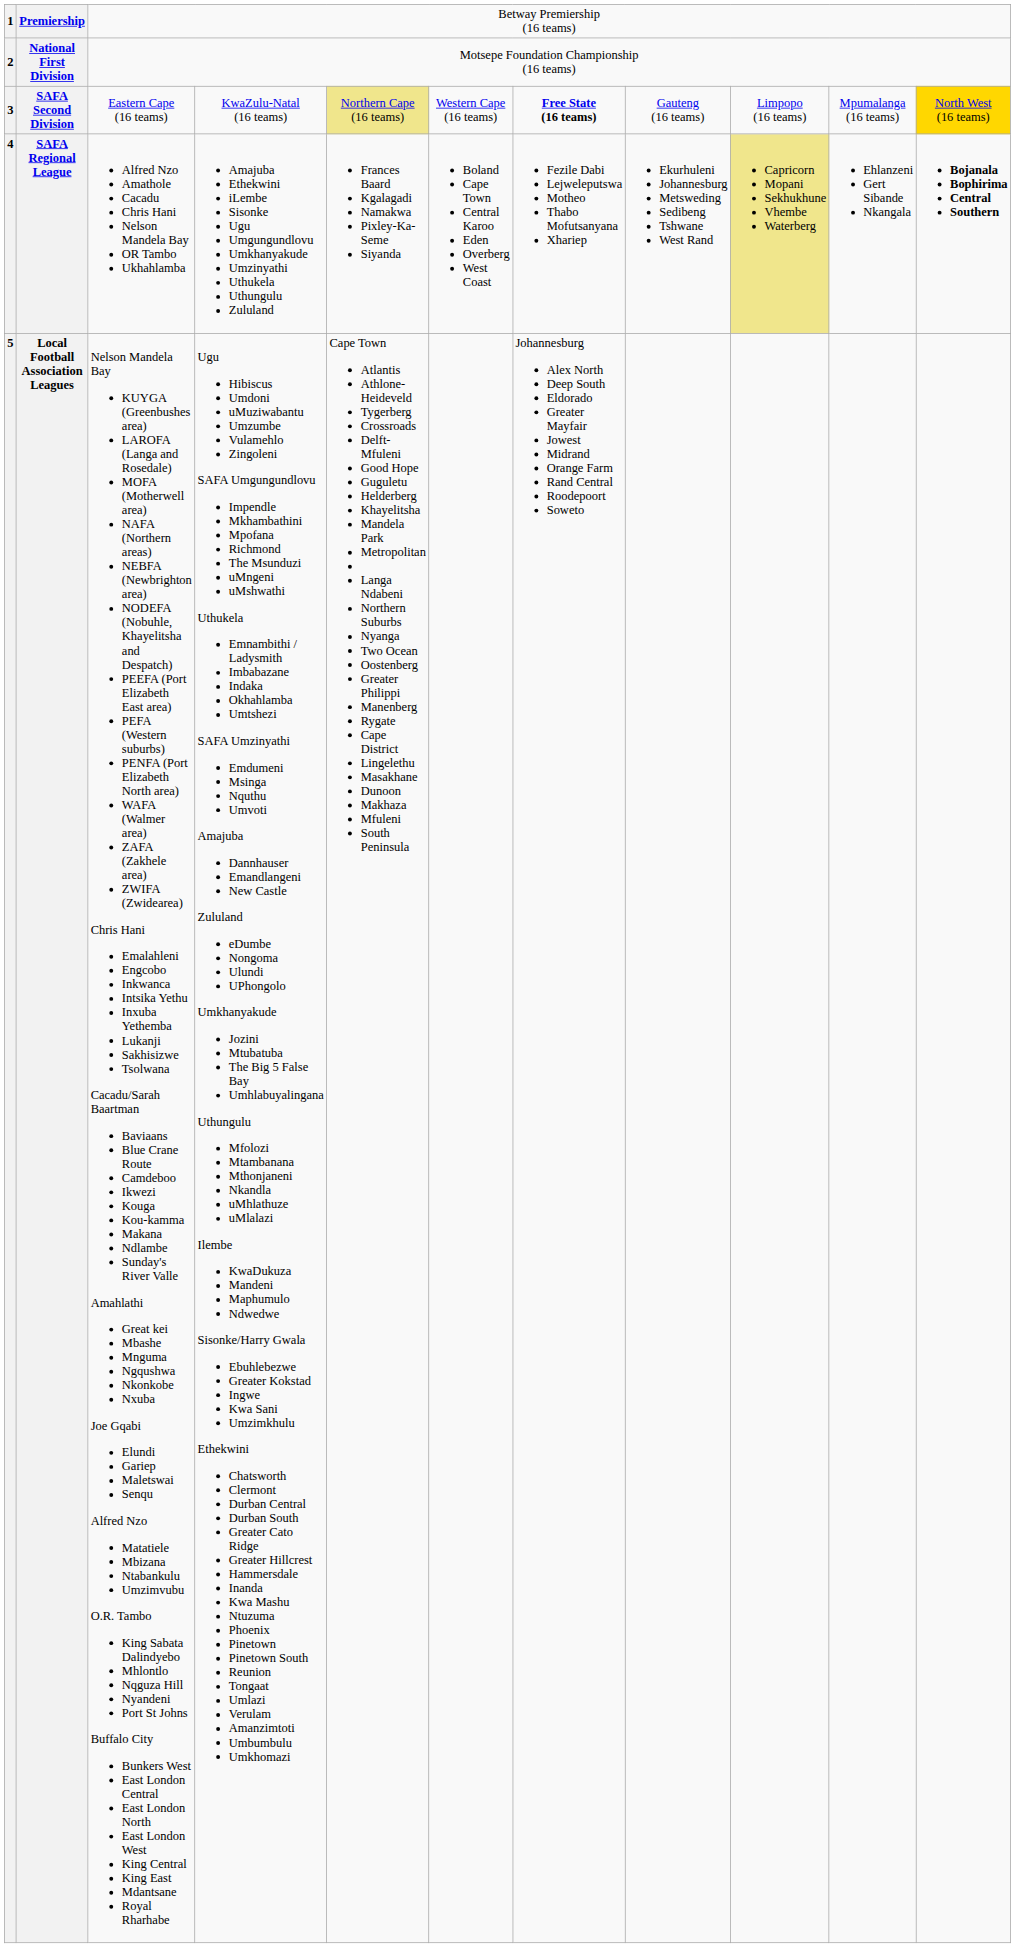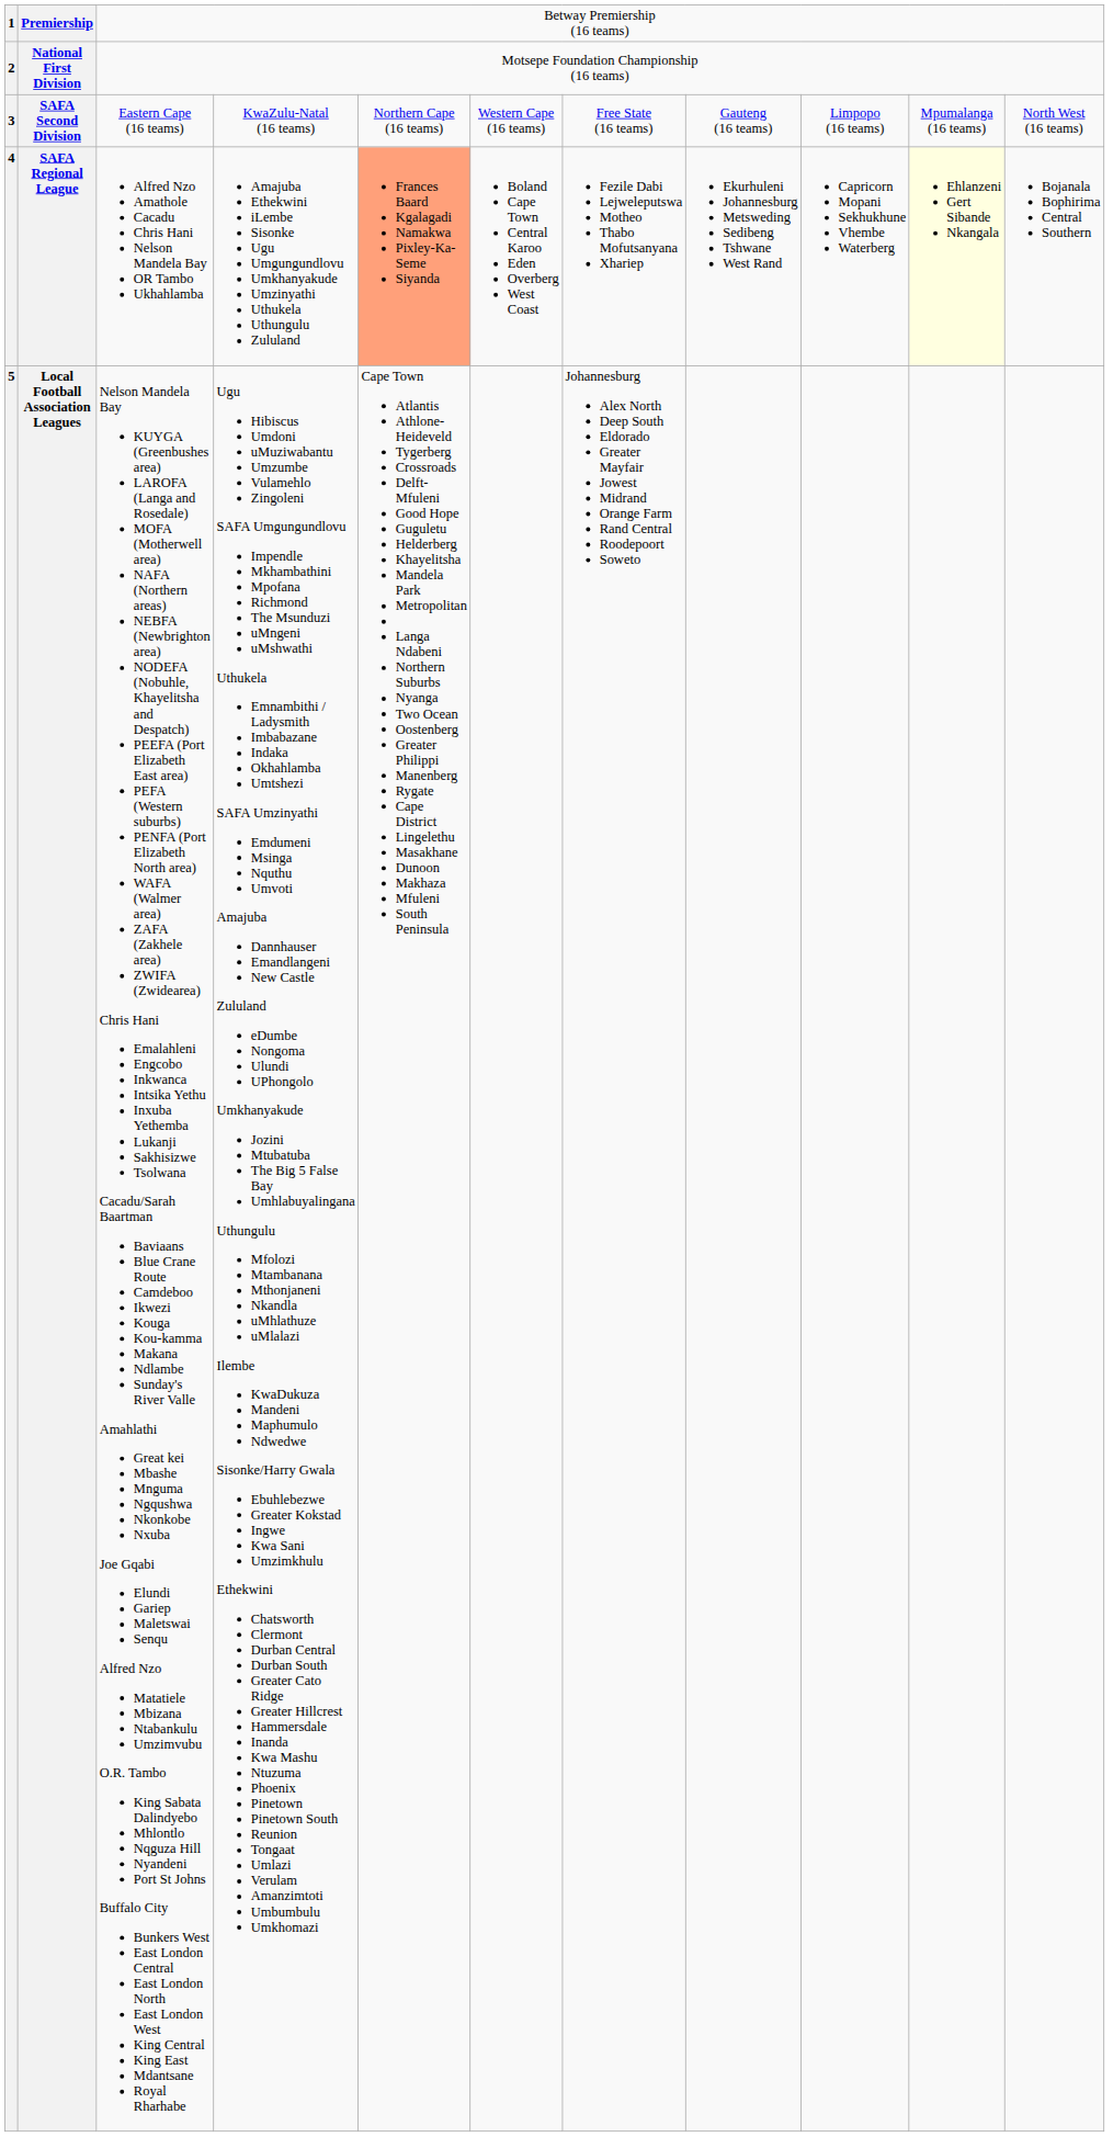 <table class="wikitable">
 <tr>
 <th>1</th>
 <th><a href='#'>Premiership</a></th>
 <td colspan="9" align="center">Betway Premiership<br>(16 teams)</td>
 </tr>
 <tr align="center">
 <th>2</th>
 <th><a href='#'>National First Division</a></th>
 <td colspan="9">Motsepe Foundation Championship<br>(16 teams)</td>
 </tr>
 <tr align="center">
 <th>3</th>
 <th><a href='#'>SAFA Second Division</a></th>
 <td ABC Motsepe League><a href='#'>Eastern Cape</a><br>(16 teams)</td>
 <td ABC Motsepe League><a href='#'>KwaZulu-Natal</a><br>(16 teams)</td>
-<td ABC Motsepe League style="background: khaki;"><a href='#'>Northern Cape</a><br>(16 teams)</td>
+<td ABC Motsepe League><a href='#'>Northern Cape</a><br>(16 teams)</td>
 <td ABC Motsepe League><a href='#'>Western Cape</a><br>(16 teams)</td>
-<td ABC Motsepe League><strong><a href='#'>Free State</a><br>(16 teams)</strong></td>
+<td ABC Motsepe League><a href='#'>Free State</a><br>(16 teams)</td>
 <td ABC Motsepe League><a href='#'>Gauteng</a><br>(16 teams)</td>
 <td ABC Motsepe League><a href='#'>Limpopo</a><br>(16 teams)</td>
 <td ABC Motsepe League><a href='#'>Mpumalanga</a><br>(16 teams)</td>
-<td ABC Motsepe League style="background: gold;"><a href='#'>North West</a><br>(16 teams)</td>
+<td ABC Motsepe League><a href='#'>North West</a><br>(16 teams)</td>
 </tr>
 <tr valign="top">
 <th>4</th>
 <th><a href='#'>SAFA Regional League</a></th>
 <td><br><ul><li>Alfred Nzo</li><li>Amathole</li><li>Cacadu</li><li>Chris Hani</li><li>Nelson Mandela Bay</li><li>OR Tambo</li><li>Ukhahlamba</li></ul></td>
 <td><br><ul><li>Amajuba</li><li>Ethekwini</li><li>iLembe</li><li>Sisonke</li><li>Ugu</li><li>Umgungundlovu</li><li>Umkhanyakude</li><li>Umzinyathi</li><li>Uthukela</li><li>Uthungulu</li><li>Zululand</li></ul></td>
-<td><br><ul><li>Frances Baard</li><li>Kgalagadi</li><li>Namakwa</li><li>Pixley-Ka-Seme</li><li>Siyanda</li></ul></td>
+<td style="background: lightsalmon;"><br><ul><li>Frances Baard</li><li>Kgalagadi</li><li>Namakwa</li><li>Pixley-Ka-Seme</li><li>Siyanda</li></ul></td>
 <td><br><ul><li>Boland</li><li>Cape Town</li><li>Central Karoo</li><li>Eden</li><li>Overberg</li><li>West Coast</li></ul></td>
 <td><br><ul><li>Fezile Dabi</li><li>Lejweleputswa</li><li>Motheo</li><li>Thabo Mofutsanyana</li><li>Xhariep</li></ul></td>
 <td><br><ul><li>Ekurhuleni</li><li>Johannesburg</li><li>Metsweding</li><li>Sedibeng</li><li>Tshwane</li><li>West Rand</li></ul></td>
-<td style="background: khaki;"><br><ul><li>Capricorn</li><li>Mopani</li><li>Sekhukhune</li><li>Vhembe</li><li>Waterberg</li></ul></td>
-<td><br><ul><li>Ehlanzeni</li><li>Gert Sibande</li><li>Nkangala</li></ul></td>
-<td><strong><br><ul><li>Bojanala</li><li>Bophirima</li><li>Central</li><li>Southern</li></ul></strong></td>
+<td><br><ul><li>Capricorn</li><li>Mopani</li><li>Sekhukhune</li><li>Vhembe</li><li>Waterberg</li></ul></td>
+<td style="background: lightyellow;"><br><ul><li>Ehlanzeni</li><li>Gert Sibande</li><li>Nkangala</li></ul></td>
+<td><br><ul><li>Bojanala</li><li>Bophirima</li><li>Central</li><li>Southern</li></ul></td>
 </tr>
 <tr valign="top">
 <th>5</th>
 <th>Local Football Association Leagues</th>
 <td><br>Nelson Mandela Bay<ul><li>KUYGA (Greenbushes area)</li><li>LAROFA (Langa and Rosedale)</li><li>MOFA (Motherwell area)</li><li>NAFA (Northern areas)</li><li>NEBFA (Newbrighton area)</li><li>NODEFA (Nobuhle, Khayelitsha and Despatch)</li><li>PEEFA (Port Elizabeth East area)</li><li>PEFA (Western suburbs)</li><li>PENFA (Port Elizabeth North area)</li><li>WAFA (Walmer area)</li><li>ZAFA (Zakhele area)</li><li>ZWIFA (Zwidearea)</li></ul>Chris Hani<ul><li>Emalahleni</li><li>Engcobo</li><li>Inkwanca</li><li>Intsika Yethu</li><li>Inxuba Yethemba</li><li>Lukanji</li><li>Sakhisizwe</li><li>Tsolwana</li></ul>Cacadu/Sarah Baartman<ul><li>Baviaans</li><li>Blue Crane Route</li><li>Camdeboo</li><li>Ikwezi</li><li>Kouga</li><li>Kou-kamma</li><li>Makana</li><li>Ndlambe</li><li>Sunday's River Valle</li></ul>Amahlathi<ul><li>Great kei</li><li>Mbashe</li><li>Mnguma</li><li>Ngqushwa</li><li>Nkonkobe</li><li>Nxuba</li></ul>Joe Gqabi<ul><li>Elundi</li><li>Gariep</li><li>Maletswai</li><li>Senqu</li></ul>Alfred Nzo<ul><li>Matatiele</li><li>Mbizana</li><li>Ntabankulu</li><li>Umzimvubu</li></ul>O.R. Tambo<ul><li>King Sabata Dalindyebo</li><li>Mhlontlo</li><li>Nqguza Hill</li><li>Nyandeni</li><li>Port St Johns</li></ul>Buffalo City<ul><li>Bunkers West</li><li>East London Central</li><li>East London North</li><li>East London West</li><li>King Central</li><li>King East</li><li>Mdantsane</li><li>Royal Rharhabe</li></ul></td>
 <td><br>Ugu<ul><li>Hibiscus</li><li>Umdoni</li><li>uMuziwabantu</li><li>Umzumbe</li><li>Vulamehlo</li><li>Zingoleni</li></ul>SAFA Umgungundlovu<ul><li>Impendle</li><li>Mkhambathini</li><li>Mpofana</li><li>Richmond</li><li>The Msunduzi</li><li>uMngeni</li><li>uMshwathi</li></ul>Uthukela<ul><li>Emnambithi / Ladysmith</li><li>Imbabazane</li><li>Indaka</li><li>Okhahlamba</li><li>Umtshezi</li></ul>SAFA Umzinyathi<ul><li>Emdumeni</li><li>Msinga</li><li>Nquthu</li><li>Umvoti</li></ul>Amajuba<ul><li>Dannhauser</li><li>Emandlangeni</li><li>New Castle</li></ul>Zululand<ul><li>eDumbe</li><li>Nongoma</li><li>Ulundi</li><li>UPhongolo</li></ul>Umkhanyakude<ul><li>Jozini</li><li>Mtubatuba</li><li>The Big 5 False Bay</li><li>Umhlabuyalingana</li></ul>Uthungulu<ul><li>Mfolozi</li><li>Mtambanana</li><li>Mthonjaneni</li><li>Nkandla</li><li>uMhlathuze</li><li>uMlalazi</li></ul>Ilembe<ul><li>KwaDukuza</li><li>Mandeni</li><li>Maphumulo</li><li>Ndwedwe</li></ul>Sisonke/Harry Gwala<ul><li>Ebuhlebezwe</li><li>Greater Kokstad</li><li>Ingwe</li><li>Kwa Sani</li><li>Umzimkhulu</li></ul>Ethekwini<ul><li>Chatsworth</li><li>Clermont</li><li>Durban Central</li><li>Durban South</li><li>Greater Cato Ridge</li><li>Greater Hillcrest</li><li>Hammersdale</li><li>Inanda</li><li>Kwa Mashu</li><li>Ntuzuma</li><li>Phoenix</li><li>Pinetown</li><li>Pinetown South</li><li>Reunion</li><li>Tongaat</li><li>Umlazi</li><li>Verulam</li><li>Amanzimtoti</li><li>Umbumbulu</li><li>Umkhomazi</li></ul></td>
 <td>Cape Town<br><ul><li>Atlantis</li><li>Athlone-Heideveld</li><li>Tygerberg</li><li>Crossroads</li><li>Delft-Mfuleni</li><li>Good Hope</li><li>Guguletu</li><li>Helderberg</li><li>Khayelitsha</li><li>Mandela Park</li><li>Metropolitan</li><li></li><li>Langa Ndabeni</li><li>Northern Suburbs</li><li>Nyanga</li><li>Two Ocean</li><li>Oostenberg</li><li>Greater Philippi</li><li>Manenberg</li><li>Rygate</li><li>Cape District</li><li>Lingelethu</li><li>Masakhane</li><li>Dunoon</li><li>Makhaza</li><li>Mfuleni</li><li>South Peninsula</li></ul></td>
 <td></td>
 <td>Johannesburg<br><ul><li>Alex North</li><li>Deep South</li><li>Eldorado</li><li>Greater Mayfair</li><li>Jowest</li><li>Midrand</li><li>Orange Farm</li><li>Rand Central</li><li>Roodepoort</li><li>Soweto</li></ul></td>
 <td></td>
 <td></td>
 <td></td>
 </tr>
 </table>
